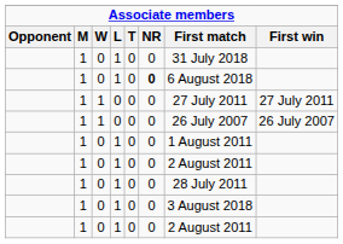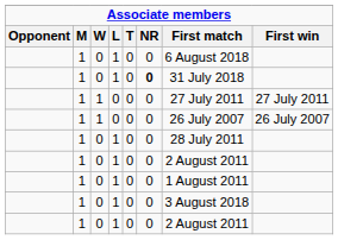 <table class="wikitable" style="text-align: center;">
 <tr>
 </tr>
 <tr>
 <td colspan="30" style="text-align: center;"><strong><a href='#'>Associate members</a></strong></td>
 </tr>
 <tr>
 <th>Opponent</th>
 <th>M</th>
 <th>W</th>
 <th>L</th>
 <th>T</th>
 <th>NR</th>
 <th>First match</th>
 <th>First win</th>
 </tr>
 <tr>
 <td></td>
 <td>1</td>
 <td>0</td>
 <td>1</td>
 <td>0</td>
 <td>0</td>
-<td>31 July 2018</td>
+<td>6 August 2018</td>
 <td></td>
 </tr>
 <tr>
 <td></td>
 <td>1</td>
 <td>0</td>
 <td>1</td>
 <td>0</td>
 <td><strong>0</strong></td>
-<td>6 August 2018</td>
+<td>31 July 2018</td>
 <td></td>
 </tr>
 <tr>
 <td></td>
 <td>1</td>
 <td>1</td>
 <td>0</td>
 <td>0</td>
 <td>0</td>
 <td>27 July 2011</td>
 <td>27 July 2011</td>
 </tr>
 <tr>
 <td></td>
 <td>1</td>
 <td>1</td>
 <td>0</td>
 <td>0</td>
 <td>0</td>
 <td>26 July 2007</td>
 <td>26 July 2007</td>
 </tr>
 <tr>
 <td></td>
 <td>1</td>
 <td>0</td>
 <td>1</td>
 <td>0</td>
 <td>0</td>
-<td>1 August 2011</td>
+<td>28 July 2011</td>
 <td></td>
 </tr>
 <tr>
 <td></td>
 <td>1</td>
 <td>0</td>
 <td>1</td>
 <td>0</td>
 <td>0</td>
 <td>2 August 2011</td>
 <td></td>
 </tr>
 <tr>
 <td></td>
 <td>1</td>
 <td>0</td>
 <td>1</td>
 <td>0</td>
 <td>0</td>
-<td>28 July 2011</td>
+<td>1 August 2011</td>
 <td></td>
 </tr>
 <tr>
 <td></td>
 <td>1</td>
 <td>0</td>
 <td>1</td>
 <td>0</td>
 <td>0</td>
 <td>3 August 2018</td>
 <td></td>
 </tr>
 <tr>
 <td></td>
 <td>1</td>
 <td>0</td>
 <td>1</td>
 <td>0</td>
 <td>0</td>
 <td>2 August 2011</td>
 <td></td>
 </tr>
 </table>
